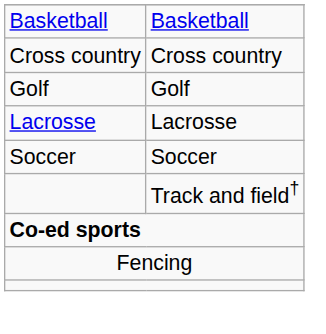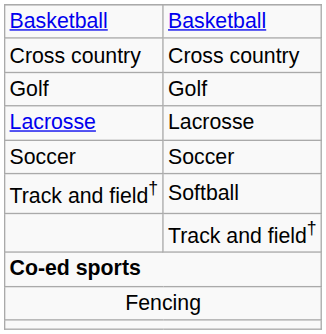 <table class="wikitable" style=" ">
 <tr 's>
 </tr>
 <tr>
 <td><a href='#'>Basketball</a></td>
 <td><a href='#'>Basketball</a></td>
 </tr>
 <tr>
 <td>Cross country</td>
 <td>Cross country</td>
 </tr>
 <tr>
 <td>Golf</td>
 <td>Golf</td>
 </tr>
 <tr>
 <td><a href='#'>Lacrosse</a></td>
 <td>Lacrosse</td>
 </tr>
 <tr>
 <td>Soccer</td>
 <td>Soccer</td>
 </tr>
 <tr>
+<td>Track and field<sup>†</sup></td>
+<td>Softball</td>
+</tr>
+<tr>
 <td></td>
 <td>Track and field<sup>†</sup></td>
 </tr>
 <tr>
 <td colspan="2"><strong>Co-ed sports</strong></td>
 </tr>
 <tr style="text-align:center">
 <td colspan="2">Fencing</td>
 </tr>
 <tr>
 <td colspan="2"></td>
 </tr>
 </table>
